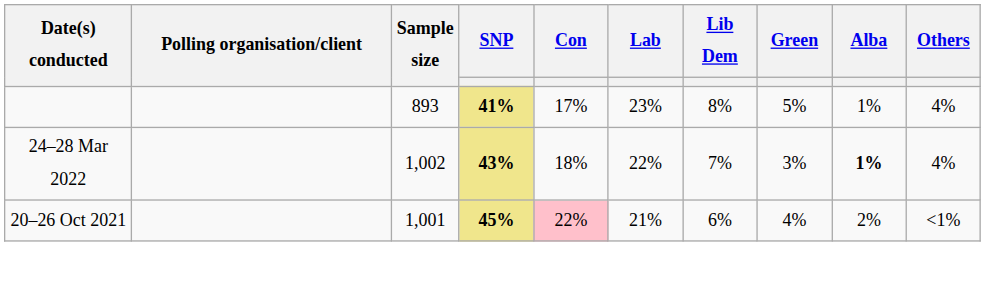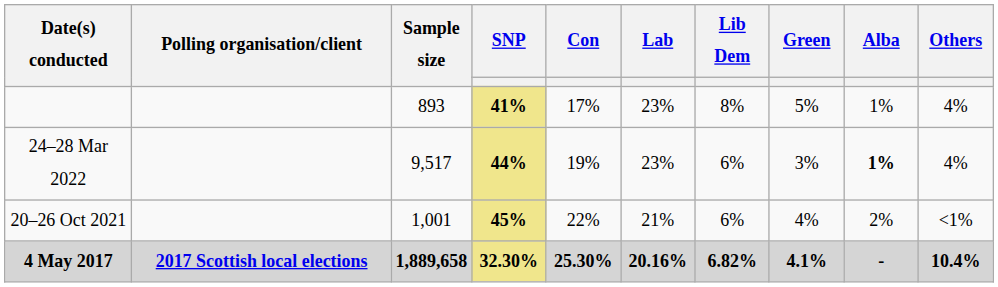 <table class="wikitable sortable" style="text-align:center; line-height:1.8; font-size:85%;">
 <tr>
 <th style="width:90px;" rowspan="2">Date(s) <br>conducted</th>
 <th style="width:190px;" rowspan="2">Polling organisation/client</th>
 <th style="width:45px;" rowspan="2">Sample size</th>
 <th style="width:50px;" class="unsortable"><a href='#'>SNP</a></th>
 <th style="width:50px;" class="unsortable"><a href='#'>Con</a></th>
 <th style="width:50px;" class="unsortable"><a href='#'>Lab</a></th>
 <th style="width:50px;" class="unsortable"><a href='#'>Lib Dem</a></th>
 <th style="width:50px;" class="unsortable"><a href='#'>Green</a></th>
 <th style="width:50px;" class="unsortable"><a href='#'>Alba</a></th>
 <th style="width:50px;" class="unsortable"><a href='#'>Others</a></th>
 </tr>
 <tr>
 <th class="unsortable" style="color:inherit;background:"></th>
 <th class="unsortable" style="color:inherit;background:"></th>
 <th class="unsortable" style="color:inherit;background:"></th>
 <th class="unsortable" style="color:inherit;background:"></th>
 <th class="unsortable" style="color:inherit;background:"></th>
 <th class="unsortable" style="color:inherit;background:"></th>
 <th class="unsortable" style="color:inherit;background:"></th>
 </tr>
 <tr>
 <td></td>
 <td></td>
 <td>893</td>
 <td style="background:#F0E68C"><strong>41%</strong></td>
 <td>17%</td>
 <td>23%</td>
 <td>8%</td>
 <td>5%</td>
 <td>1%</td>
 <td>4%</td>
 </tr>
 <tr>
 <td>24–28 Mar 2022</td>
 <td></td>
-<td>1,002</td>
-<td style="background:#F0E68C"><strong>43%</strong></td>
-<td>18%</td>
-<td>22%</td>
-<td>7%</td>
+<td>9,517</td>
+<td style="background:#F0E68C"><strong>44%</strong></td>
+<td>19%</td>
+<td>23%</td>
+<td>6%</td>
 <td>3%</td>
 <td><strong>1%</strong></td>
 <td>4%</td>
 </tr>
 <tr>
 <td>20–26 Oct 2021</td>
 <td></td>
 <td>1,001</td>
 <td style="background:#F0E68C"><strong>45%</strong></td>
-<td style="background: pink;">22%</td>
+<td>22%</td>
 <td>21%</td>
 <td>6%</td>
 <td>4%</td>
 <td>2%</td>
 <td><1%</td>
 </tr>
+<tr>
+<td style="background:#D5D5D5"><strong>4 May 2017</strong></td>
+<td style="background:#D5D5D5"><strong><a href='#'>2017 Scottish local elections</a></strong></td>
+<td style="background:#D5D5D5"><strong>1,889,658</strong></td>
+<td style="background:#F0E68C"><strong>32.30%</strong></td>
+<td style="background:#D5D5D5"><strong>25.30%</strong></td>
+<td style="background:#D5D5D5"><strong>20.16%</strong></td>
+<td style="background:#D5D5D5"><strong>6.82%</strong></td>
+<td style="background:#D5D5D5"><strong>4.1%</strong></td>
+<td style="background:#D5D5D5"><strong>-</strong></td>
+<td style="background:#D5D5D5"><strong>10.4%</strong></td>
+</tr>
 </table>
